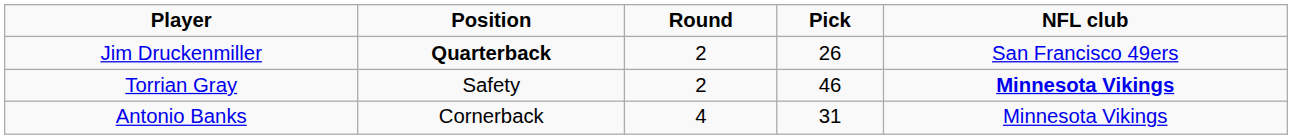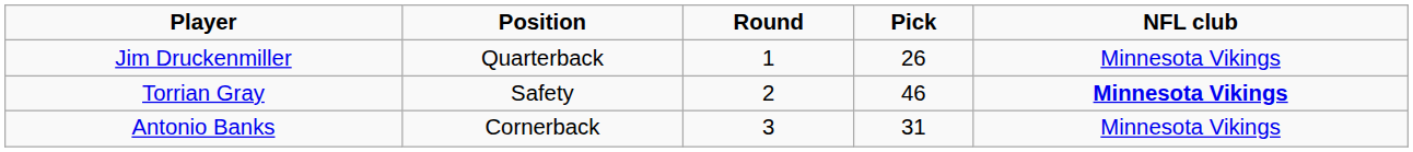 <table class="wikitable" width="80%">
 <tr align="center">
 <td><strong>Player</strong></td>
 <td><strong>Position</strong></td>
 <td><strong>Round</strong></td>
 <td><strong>Pick</strong></td>
 <td><strong>NFL club</strong></td>
 </tr>
 <tr align="center" bgcolor="">
 <td><a href='#'>Jim Druckenmiller</a></td>
-<td><strong>Quarterback</strong></td>
-<td>2</td>
+<td>Quarterback</td>
+<td>1</td>
 <td>26</td>
-<td><a href='#'>San Francisco 49ers</a></td>
+<td><a href='#'>Minnesota Vikings</a></td>
 </tr>
 <tr align="center" bgcolor="">
 <td><a href='#'>Torrian Gray</a></td>
 <td>Safety</td>
 <td>2</td>
 <td>46</td>
 <td><strong><a href='#'>Minnesota Vikings</a></strong></td>
 </tr>
 <tr align="center" bgcolor="">
 <td><a href='#'>Antonio Banks</a></td>
 <td>Cornerback</td>
-<td>4</td>
+<td>3</td>
 <td>31</td>
 <td><a href='#'>Minnesota Vikings</a></td>
 </tr>
 </table>
